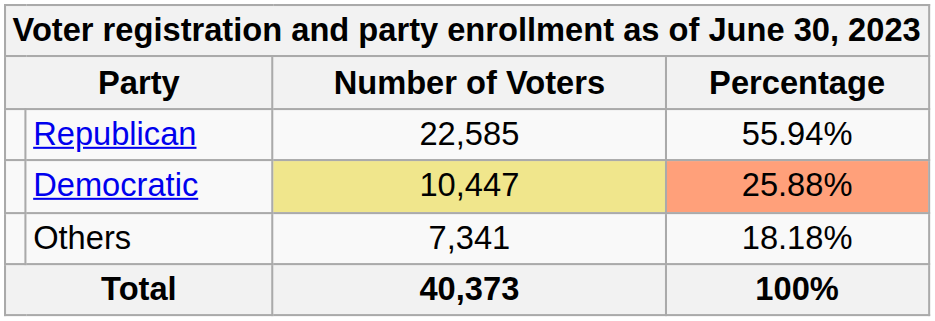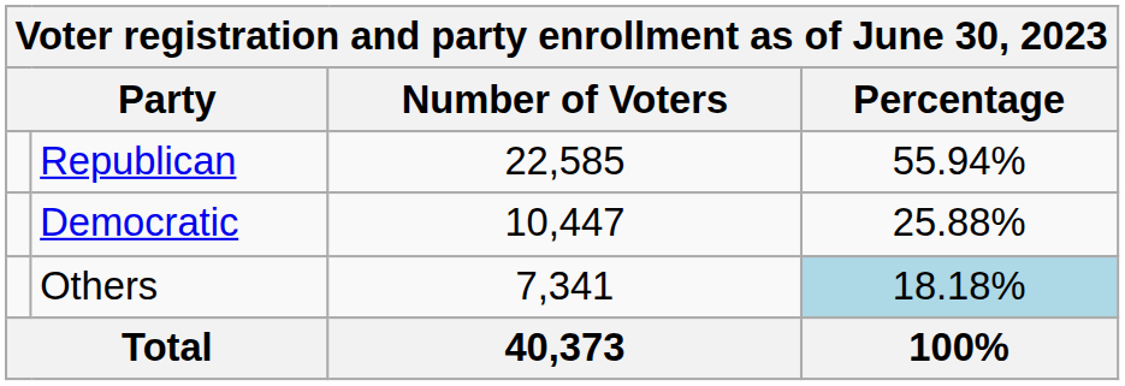 <table class=wikitable>
 <tr>
 <th colspan = 6>Voter registration and party enrollment as of June 30, 2023</th>
 </tr>
 <tr>
 <th colspan = 2>Party</th>
 <th>Number of Voters</th>
 <th>Percentage</th>
 </tr>
 <tr>
 <td></td>
 <td><a href='#'>Republican</a></td>
 <td align = center>22,585</td>
 <td align = center>55.94%</td>
 </tr>
 <tr>
 <td></td>
 <td><a href='#'>Democratic</a></td>
-<td align = center style="background: khaki;">10,447</td>
-<td align = center style="background: lightsalmon;">25.88%</td>
+<td align = center>10,447</td>
+<td align = center>25.88%</td>
 </tr>
 <tr>
 <td></td>
 <td>Others</td>
 <td align = center>7,341</td>
-<td align = center>18.18%</td>
+<td align = center style="background: lightblue;">18.18%</td>
 </tr>
 <tr>
 <th colspan = 2>Total</th>
 <th align = center>40,373</th>
 <th align = center>100%</th>
 </tr>
 </table>
